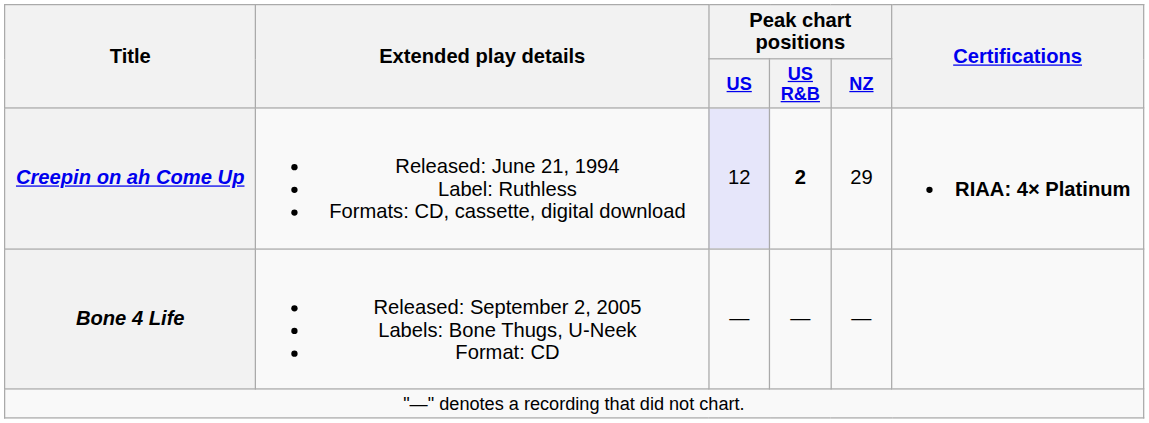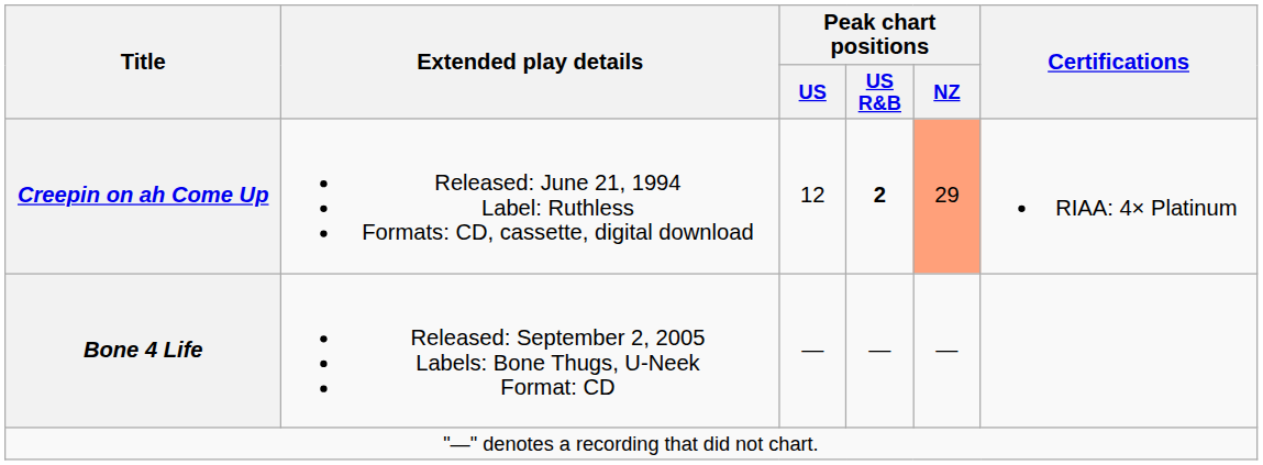 <table class="wikitable plainrowheaders" style="text-align:center;" border="1">
 <tr>
 <th scope="col" rowspan="2" style="width:12em;">Title</th>
 <th scope="col" rowspan="2" style="width:22em;">Extended play details</th>
 <th scope="col" colspan="3">Peak chart positions</th>
 <th scope="col" rowspan="2" style="width:12em;"><a href='#'>Certifications</a></th>
 </tr>
 <tr>
 <th scope="col" style="width:2.9em;font-size:90%;"><a href='#'>US</a><br></th>
 <th scope="col" style="width:2.9em;font-size:90%;"><a href='#'>US<br>R&B</a><br></th>
 <th scope="col" style="width:2.9em;font-size:90%;"><a href='#'>NZ</a><br></th>
 </tr>
 <tr>
 <th scope="row"><em><a href='#'>Creepin on ah Come Up</a></em></th>
 <td><br><ul><li>Released: June 21, 1994</li><li>Label: Ruthless</li><li>Formats: CD, cassette, digital download</li></ul></td>
-<td style="background: lavender;">12</td>
+<td>12</td>
 <td><strong>2</strong></td>
-<td>29</td>
-<td><strong><br><ul><li>RIAA: 4× Platinum</li></ul></strong></td>
+<td style="background: lightsalmon;">29</td>
+<td><br><ul><li>RIAA: 4× Platinum</li></ul></td>
 </tr>
 <tr>
 <th scope="row"><em>Bone 4 Life</em></th>
 <td><br><ul><li>Released: September 2, 2005</li><li>Labels: Bone Thugs, U-Neek</li><li>Format: CD</li></ul></td>
 <td>—</td>
 <td>—</td>
 <td>—</td>
 <td></td>
 </tr>
 <tr>
 <td colspan="14" style="font-size:90%">"—" denotes a recording that did not chart.</td>
 </tr>
 </table>
